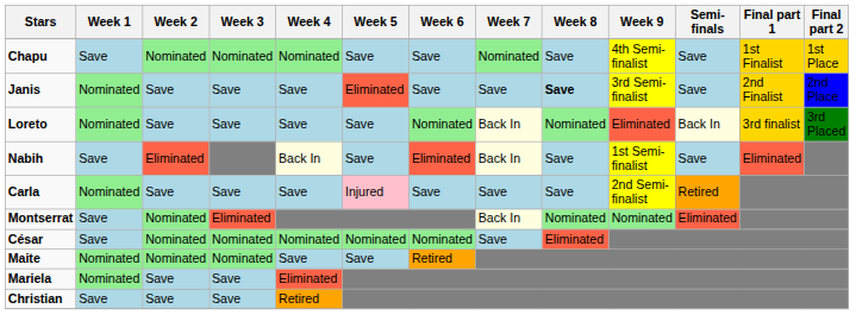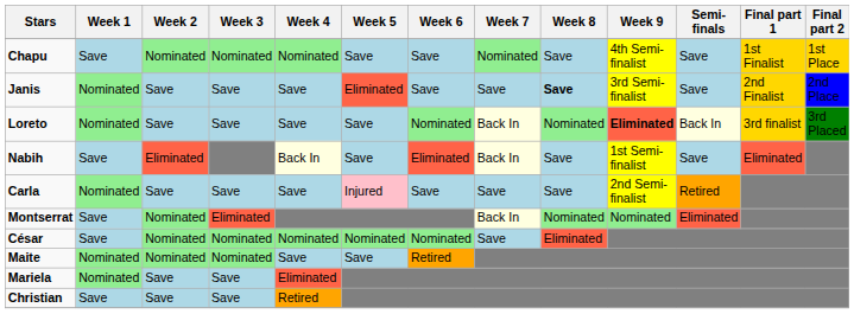 <table class="wikitable">
 <tr>
 <th width="165">Stars</th>
 <th>Week 1</th>
 <th>Week 2</th>
 <th>Week 3</th>
 <th>Week 4</th>
 <th>Week 5</th>
 <th>Week 6</th>
 <th>Week 7</th>
 <th>Week 8</th>
 <th>Week 9</th>
 <th>Semi-finals</th>
 <th>Final part 1</th>
 <th>Final part 2</th>
 </tr>
 <tr>
 </tr>
 <tr>
 <td><strong>Chapu</strong></td>
 <td style="background:lightblue">Save</td>
 <td style="background:lightgreen;">Nominated</td>
 <td style="background:lightgreen;">Nominated</td>
 <td style="background:lightgreen;">Nominated</td>
 <td style="background:lightblue">Save</td>
 <td style="background:lightblue">Save</td>
 <td style="background:lightgreen;">Nominated</td>
 <td style="background:lightblue">Save</td>
 <td style="background:Yellow;">4th Semi-finalist</td>
 <td style="background:lightblue">Save</td>
 <td style="background:Gold">1st Finalist</td>
 <td style="background:Gold">1st Place</td>
 </tr>
 <tr>
 <td><strong>Janis</strong></td>
 <td style="background:lightgreen;">Nominated</td>
 <td style="background:lightblue">Save</td>
 <td style="background:lightblue">Save</td>
 <td style="background:lightblue">Save</td>
 <td style="background:tomato;">Eliminated</td>
 <td style="background:lightblue">Save</td>
 <td style="background:lightblue">Save</td>
 <td style="background:lightblue"><strong>Save</strong></td>
 <td style="background:Yellow">3rd Semi-finalist</td>
 <td style="background:lightblue">Save</td>
 <td style="background:Gold">2nd Finalist</td>
 <td style="background:Blue">2nd Place</td>
 </tr>
 <tr>
 <td><strong>Loreto</strong></td>
 <td style="background:lightgreen;">Nominated</td>
 <td style="background:lightblue">Save</td>
 <td style="background:lightblue">Save</td>
 <td style="background:lightblue">Save</td>
 <td style="background:lightblue">Save</td>
 <td style="background:lightgreen;">Nominated</td>
 <td style="background:lightyellow;">Back In</td>
 <td style="background:lightgreen;">Nominated</td>
-<td style="background:tomato;">Eliminated</td>
+<td style="background:tomato;"><strong>Eliminated</strong></td>
 <td style="background:lightyellow;">Back In</td>
 <td style="background:Gold;">3rd finalist</td>
 <td style="background:Green;">3rd Placed</td>
 </tr>
 <tr>
 <td><strong>Nabih</strong></td>
 <td style="background:lightblue">Save</td>
 <td style="background:tomato;">Eliminated</td>
 <td style="background:gray;"></td>
 <td style="background:lightyellow">Back In</td>
 <td style="background:lightblue">Save</td>
 <td style="background:tomato;">Eliminated</td>
 <td style="background:lightyellow">Back In</td>
 <td style="background:lightblue">Save</td>
 <td style="background:Yellow">1st Semi-finalist</td>
 <td style="background:lightblue">Save</td>
 <td style="background:tomato;">Eliminated</td>
 <td style="background:gray;text-align:center" colspan="1"></td>
 </tr>
 <tr>
 <td><strong>Carla</strong></td>
 <td style="background:lightgreen;">Nominated</td>
 <td style="background:lightblue">Save</td>
 <td style="background:lightblue">Save</td>
 <td style="background:lightblue">Save</td>
 <td style="background:pink">Injured</td>
 <td style="background:lightblue">Save</td>
 <td style="background:lightblue">Save</td>
 <td style="background:lightblue">Save</td>
 <td style="background:Yellow">2nd Semi-finalist</td>
 <td style="background:Orange;">Retired</td>
 <td style="background:gray;text-align:center" colspan="2"></td>
 </tr>
 <tr>
 <td><strong>Montserrat</strong></td>
 <td style="background:lightblue">Save</td>
 <td style="background:lightgreen;">Nominated</td>
 <td style="background:tomato;">Eliminated</td>
 <td style="background:gray;text-align:center" colspan="3"></td>
 <td style="background:lightyellow">Back In</td>
 <td style="background:lightgreen;">Nominated</td>
 <td style="background:lightgreen;">Nominated</td>
 <td style="background:tomato;">Eliminated</td>
 <td style="background:gray;text-align:center" colspan="2"></td>
 </tr>
 <tr>
 <td><strong>César</strong></td>
 <td style="background:lightblue">Save</td>
 <td style="background:lightgreen;">Nominated</td>
 <td style="background:lightgreen;">Nominated</td>
 <td style="background:lightgreen;">Nominated</td>
 <td style="background:lightgreen;">Nominated</td>
 <td style="background:lightgreen;">Nominated</td>
 <td style="background:lightblue">Save</td>
 <td style="background:tomato;">Eliminated</td>
 <td style="background:gray;text-align:center" colspan="7"></td>
 </tr>
 <tr>
 <td><strong>Maite</strong></td>
 <td style="background:lightgreen;">Nominated</td>
 <td style="background:lightgreen;">Nominated</td>
 <td style="background:lightgreen;">Nominated</td>
 <td style="background:lightblue">Save</td>
 <td style="background:lightblue">Save</td>
 <td style="background:Orange;">Retired</td>
 <td style="background:gray;text-align:center" colspan="7"></td>
 </tr>
 <tr>
 <td><strong>Mariela</strong></td>
 <td style="background:lightgreen;">Nominated</td>
 <td style="background:lightblue">Save</td>
 <td style="background:lightblue">Save</td>
 <td style="background:tomato;">Eliminated</td>
 <td style="background:gray;text-align:center" colspan="8"></td>
 </tr>
 <tr>
 <td><strong>Christian</strong></td>
 <td style="background:lightblue">Save</td>
 <td style="background:lightblue">Save</td>
 <td style="background:lightblue">Save</td>
 <td style="background:Orange;">Retired</td>
 <td style="background:gray;text-align:center" colspan="9"></td>
 </tr>
 <tr>
 </tr>
 </table>
